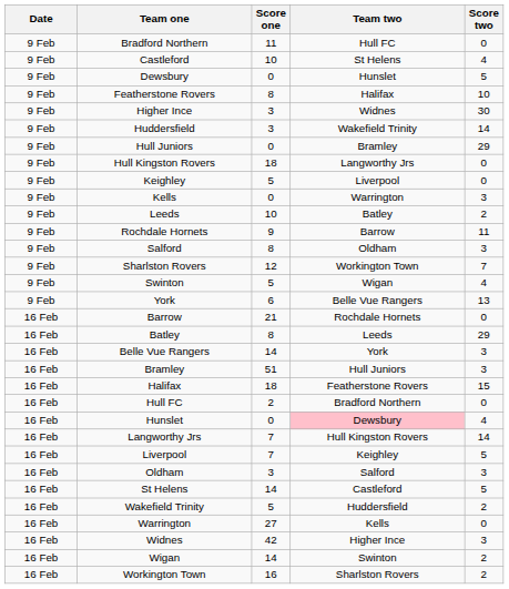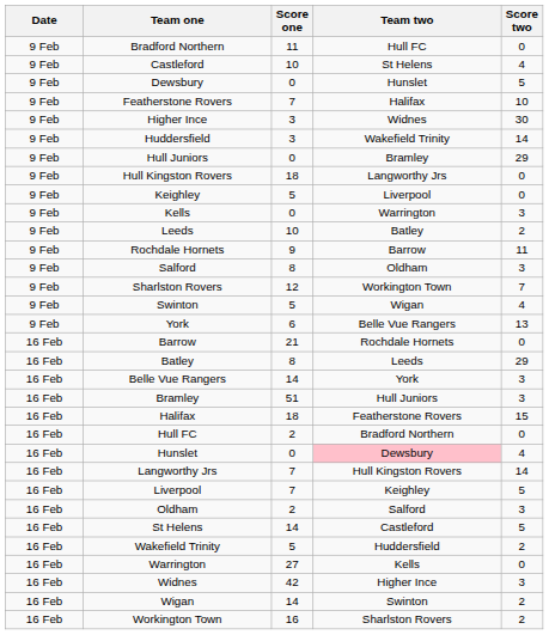 <table class="wikitable" style="text-align: center">
 <tr>
 <th width=100>Date</th>
 <th width=250>Team one</th>
 <th width=50>Score one</th>
 <th width=250>Team two</th>
 <th width=50>Score two</th>
 </tr>
 <tr>
 <td>9 Feb</td>
 <td>Bradford Northern</td>
 <td>11</td>
 <td>Hull FC</td>
 <td>0</td>
 </tr>
 <tr>
 <td>9 Feb</td>
 <td>Castleford</td>
 <td>10</td>
 <td>St Helens</td>
 <td>4</td>
 </tr>
 <tr>
 <td>9 Feb</td>
 <td>Dewsbury</td>
 <td>0</td>
 <td>Hunslet</td>
 <td>5</td>
 </tr>
 <tr>
 <td>9 Feb</td>
 <td>Featherstone Rovers</td>
-<td>8</td>
+<td>7</td>
 <td>Halifax</td>
 <td>10</td>
 </tr>
 <tr>
 <td>9 Feb</td>
 <td>Higher Ince</td>
 <td>3</td>
 <td>Widnes</td>
 <td>30</td>
 </tr>
 <tr>
 <td>9 Feb</td>
 <td>Huddersfield</td>
 <td>3</td>
 <td>Wakefield Trinity</td>
 <td>14</td>
 </tr>
 <tr>
 <td>9 Feb</td>
 <td>Hull Juniors</td>
 <td>0</td>
 <td>Bramley</td>
 <td>29</td>
 </tr>
 <tr>
 <td>9 Feb</td>
 <td>Hull Kingston Rovers</td>
 <td>18</td>
 <td>Langworthy Jrs</td>
 <td>0</td>
 </tr>
 <tr>
 <td>9 Feb</td>
 <td>Keighley</td>
 <td>5</td>
 <td>Liverpool</td>
 <td>0</td>
 </tr>
 <tr>
 <td>9 Feb</td>
 <td>Kells</td>
 <td>0</td>
 <td>Warrington</td>
 <td>3</td>
 </tr>
 <tr>
 <td>9 Feb</td>
 <td>Leeds</td>
 <td>10</td>
 <td>Batley</td>
 <td>2</td>
 </tr>
 <tr>
 <td>9 Feb</td>
 <td>Rochdale Hornets</td>
 <td>9</td>
 <td>Barrow</td>
 <td>11</td>
 </tr>
 <tr>
 <td>9 Feb</td>
 <td>Salford</td>
 <td>8</td>
 <td>Oldham</td>
 <td>3</td>
 </tr>
 <tr>
 <td>9 Feb</td>
 <td>Sharlston Rovers</td>
 <td>12</td>
 <td>Workington Town</td>
 <td>7</td>
 </tr>
 <tr>
 <td>9 Feb</td>
 <td>Swinton</td>
 <td>5</td>
 <td>Wigan</td>
 <td>4</td>
 </tr>
 <tr>
 <td>9 Feb</td>
 <td>York</td>
 <td>6</td>
 <td>Belle Vue Rangers</td>
 <td>13</td>
 </tr>
 <tr>
 <td>16 Feb</td>
 <td>Barrow</td>
 <td>21</td>
 <td>Rochdale Hornets</td>
 <td>0</td>
 </tr>
 <tr>
 <td>16 Feb</td>
 <td>Batley</td>
 <td>8</td>
 <td>Leeds</td>
 <td>29</td>
 </tr>
 <tr>
 <td>16 Feb</td>
 <td>Belle Vue Rangers</td>
 <td>14</td>
 <td>York</td>
 <td>3</td>
 </tr>
 <tr>
 <td>16 Feb</td>
 <td>Bramley</td>
 <td>51</td>
 <td>Hull Juniors</td>
 <td>3</td>
 </tr>
 <tr>
 <td>16 Feb</td>
 <td>Halifax</td>
 <td>18</td>
 <td>Featherstone Rovers</td>
 <td>15</td>
 </tr>
 <tr>
 <td>16 Feb</td>
 <td>Hull FC</td>
 <td>2</td>
 <td>Bradford Northern</td>
 <td>0</td>
 </tr>
 <tr>
 <td>16 Feb</td>
 <td>Hunslet</td>
 <td>0</td>
 <td style="background: pink;">Dewsbury</td>
 <td>4</td>
 </tr>
 <tr>
 <td>16 Feb</td>
 <td>Langworthy Jrs</td>
 <td>7</td>
 <td>Hull Kingston Rovers</td>
 <td>14</td>
 </tr>
 <tr>
 <td>16 Feb</td>
 <td>Liverpool</td>
 <td>7</td>
 <td>Keighley</td>
 <td>5</td>
 </tr>
 <tr>
 <td>16 Feb</td>
 <td>Oldham</td>
-<td>3</td>
+<td>2</td>
 <td>Salford</td>
 <td>3</td>
 </tr>
 <tr>
 <td>16 Feb</td>
 <td>St Helens</td>
 <td>14</td>
 <td>Castleford</td>
 <td>5</td>
 </tr>
 <tr>
 <td>16 Feb</td>
 <td>Wakefield Trinity</td>
 <td>5</td>
 <td>Huddersfield</td>
 <td>2</td>
 </tr>
 <tr>
 <td>16 Feb</td>
 <td>Warrington</td>
 <td>27</td>
 <td>Kells</td>
 <td>0</td>
 </tr>
 <tr>
 <td>16 Feb</td>
 <td>Widnes</td>
 <td>42</td>
 <td>Higher Ince</td>
 <td>3</td>
 </tr>
 <tr>
 <td>16 Feb</td>
 <td>Wigan</td>
 <td>14</td>
 <td>Swinton</td>
 <td>2</td>
 </tr>
 <tr>
 <td>16 Feb</td>
 <td>Workington Town</td>
 <td>16</td>
 <td>Sharlston Rovers</td>
 <td>2</td>
 </tr>
 </table>
